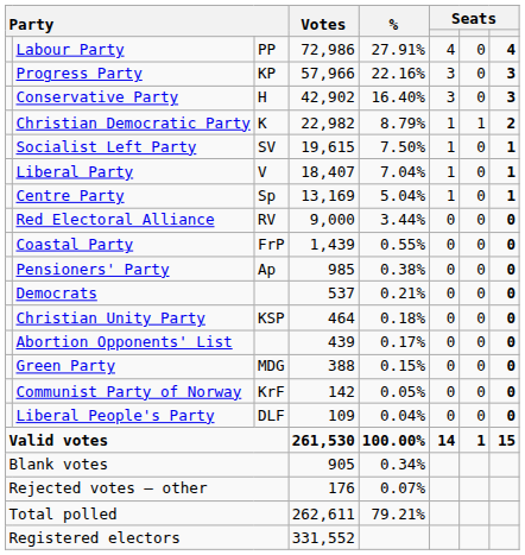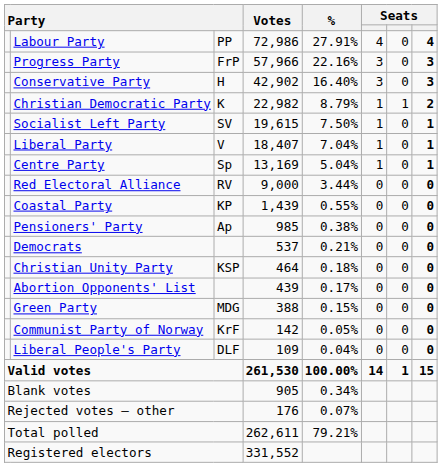 <table class="wikitable" border="1" style="text-align:right;">
 <tr>
 <th style="text-align:left;" valign=bottom rowspan=2 colspan=3>Party</th>
 <th align=center valign=bottom rowspan=2 width="50">Votes</th>
 <th align=center valign=bottom rowspan=2 width="50">%</th>
 <th colspan=3>Seats</th>
 </tr>
 <tr>
 <th align=center valign=bottom width="20"><small></small></th>
 <th align=center valign=bottom width="20"><small><a href='#'></a></small></th>
 <th align=center valign=bottom width="20"><small></small></th>
 </tr>
 <tr>
 <td style="color:inherit;background:"></td>
 <td align=left><a href='#'>Labour Party</a></td>
 <td align=left>PP</td>
 <td>72,986</td>
 <td>27.91%</td>
 <td>4</td>
 <td>0</td>
 <td><strong>4</strong></td>
 </tr>
 <tr>
 <td style="color:inherit;background:"></td>
 <td align=left><a href='#'>Progress Party</a></td>
-<td align=left>KP</td>
+<td align=left>FrP</td>
 <td>57,966</td>
 <td>22.16%</td>
 <td>3</td>
 <td>0</td>
 <td><strong>3</strong></td>
 </tr>
 <tr>
 <td style="color:inherit;background:"></td>
 <td align=left><a href='#'>Conservative Party</a></td>
 <td align=left>H</td>
 <td>42,902</td>
 <td>16.40%</td>
 <td>3</td>
 <td>0</td>
 <td><strong>3</strong></td>
 </tr>
 <tr>
 <td style="color:inherit;background:"></td>
 <td align=left><a href='#'>Christian Democratic Party</a></td>
 <td align=left>K</td>
 <td>22,982</td>
 <td>8.79%</td>
 <td>1</td>
 <td>1</td>
 <td><strong>2</strong></td>
 </tr>
 <tr>
 <td style="color:inherit;background:"></td>
 <td align=left><a href='#'>Socialist Left Party</a></td>
 <td align=left>SV</td>
 <td>19,615</td>
 <td>7.50%</td>
 <td>1</td>
 <td>0</td>
 <td><strong>1</strong></td>
 </tr>
 <tr>
 <td style="color:inherit;background:"></td>
 <td align=left><a href='#'>Liberal Party</a></td>
 <td align=left>V</td>
 <td>18,407</td>
 <td>7.04%</td>
 <td>1</td>
 <td>0</td>
 <td><strong>1</strong></td>
 </tr>
 <tr>
 <td style="color:inherit;background:"></td>
 <td align=left><a href='#'>Centre Party</a></td>
 <td align=left>Sp</td>
 <td>13,169</td>
 <td>5.04%</td>
 <td>1</td>
 <td>0</td>
 <td><strong>1</strong></td>
 </tr>
 <tr>
 <td style="color:inherit;background:"></td>
 <td align=left><a href='#'>Red Electoral Alliance</a></td>
 <td align=left>RV</td>
 <td>9,000</td>
 <td>3.44%</td>
 <td>0</td>
 <td>0</td>
 <td><strong>0</strong></td>
 </tr>
 <tr>
 <td style="color:inherit;background:"></td>
 <td align=left><a href='#'>Coastal Party</a></td>
-<td align=left>FrP</td>
+<td align=left>KP</td>
 <td>1,439</td>
 <td>0.55%</td>
 <td>0</td>
 <td>0</td>
 <td><strong>0</strong></td>
 </tr>
 <tr>
 <td style="color:inherit;background:"></td>
 <td align=left><a href='#'>Pensioners' Party</a></td>
 <td align=left>Ap</td>
 <td>985</td>
 <td>0.38%</td>
 <td>0</td>
 <td>0</td>
 <td><strong>0</strong></td>
 </tr>
 <tr>
 <td style="color:inherit;background:"></td>
 <td align=left><a href='#'>Democrats</a></td>
 <td align=left></td>
 <td>537</td>
 <td>0.21%</td>
 <td>0</td>
 <td>0</td>
 <td><strong>0</strong></td>
 </tr>
 <tr>
 <td style="color:inherit;background:"></td>
 <td align=left><a href='#'>Christian Unity Party</a></td>
 <td align=left>KSP</td>
 <td>464</td>
 <td>0.18%</td>
 <td>0</td>
 <td>0</td>
 <td><strong>0</strong></td>
 </tr>
 <tr>
 <td></td>
 <td align=left><a href='#'>Abortion Opponents' List</a></td>
 <td align=left></td>
 <td>439</td>
 <td>0.17%</td>
 <td>0</td>
 <td>0</td>
 <td><strong>0</strong></td>
 </tr>
 <tr>
 <td style="color:inherit;background:"></td>
 <td align=left><a href='#'>Green Party</a></td>
 <td align=left>MDG</td>
 <td>388</td>
 <td>0.15%</td>
 <td>0</td>
 <td>0</td>
 <td><strong>0</strong></td>
 </tr>
 <tr>
 <td style="color:inherit;background:"></td>
 <td align=left><a href='#'>Communist Party of Norway</a></td>
 <td align=left>KrF</td>
 <td>142</td>
 <td>0.05%</td>
 <td>0</td>
 <td>0</td>
 <td><strong>0</strong></td>
 </tr>
 <tr>
 <td style="color:inherit;background:"></td>
 <td align=left><a href='#'>Liberal People's Party</a></td>
 <td align=left>DLF</td>
 <td>109</td>
 <td>0.04%</td>
 <td>0</td>
 <td>0</td>
 <td><strong>0</strong></td>
 </tr>
 <tr style="font-weight:bold">
 <td align=left colspan=3>Valid votes</td>
 <td>261,530</td>
 <td>100.00%</td>
 <td>14</td>
 <td>1</td>
 <td>15</td>
 </tr>
 <tr>
 <td align=left colspan=3>Blank votes</td>
 <td>905</td>
 <td>0.34%</td>
 <td></td>
 <td></td>
 <td></td>
 </tr>
 <tr>
 <td align=left colspan=3>Rejected votes – other</td>
 <td>176</td>
 <td>0.07%</td>
 <td></td>
 <td></td>
 <td></td>
 </tr>
 <tr>
 <td align=left colspan=3>Total polled</td>
 <td>262,611</td>
 <td>79.21%</td>
 <td></td>
 <td></td>
 <td></td>
 </tr>
 <tr>
 <td align=left colspan=3>Registered electors</td>
 <td>331,552</td>
 <td></td>
 <td></td>
 <td></td>
 <td></td>
 </tr>
 </table>
